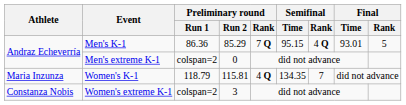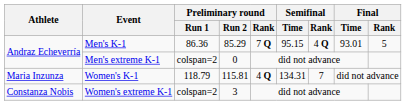 <table class=wikitable style=font-size:90%;text-align:center>
 <tr>
 <th rowspan=2>Athlete</th>
 <th rowspan=2>Event</th>
 <th colspan=3>Preliminary round</th>
 <th colspan=2>Semifinal</th>
 <th colspan=2>Final</th>
 </tr>
 <tr style=font-size:95%>
 <th>Run 1</th>
 <th>Run 2</th>
 <th>Rank</th>
 <th>Time</th>
 <th>Rank</th>
 <th>Time</th>
 <th>Rank</th>
 </tr>
 <tr>
 <td align=left rowspan=2><a href='#'>Andraz Echeverría</a></td>
 <td align=left><a href='#'>Men's K-1</a></td>
 <td>86.36</td>
 <td>85.29</td>
 <td>7 <strong>Q</strong></td>
 <td>95.15</td>
 <td>4 <strong>Q</strong></td>
 <td>93.01</td>
 <td>5</td>
 </tr>
 <tr>
 <td align=left><a href='#'>Men's extreme K-1</a></td>
 <td>colspan=2 </td>
 <td>0</td>
 <td colspan=4>did not advance</td>
 </tr>
 <tr>
 <td align=left><a href='#'>Maria Inzunza</a></td>
 <td align=left><a href='#'>Women's K-1</a></td>
 <td>118.79</td>
 <td>115.81</td>
 <td>4 <strong>Q</strong></td>
-<td>134.35</td>
+<td>134.31</td>
 <td>7</td>
 <td colspan=2>did not advance</td>
 </tr>
 <tr>
 <td align=left><a href='#'>Constanza Nobis</a></td>
 <td align=left><a href='#'>Women's extreme K-1</a></td>
 <td>colspan=2 </td>
 <td>3</td>
 <td colspan=4>did not advance</td>
 </tr>
 </table>
